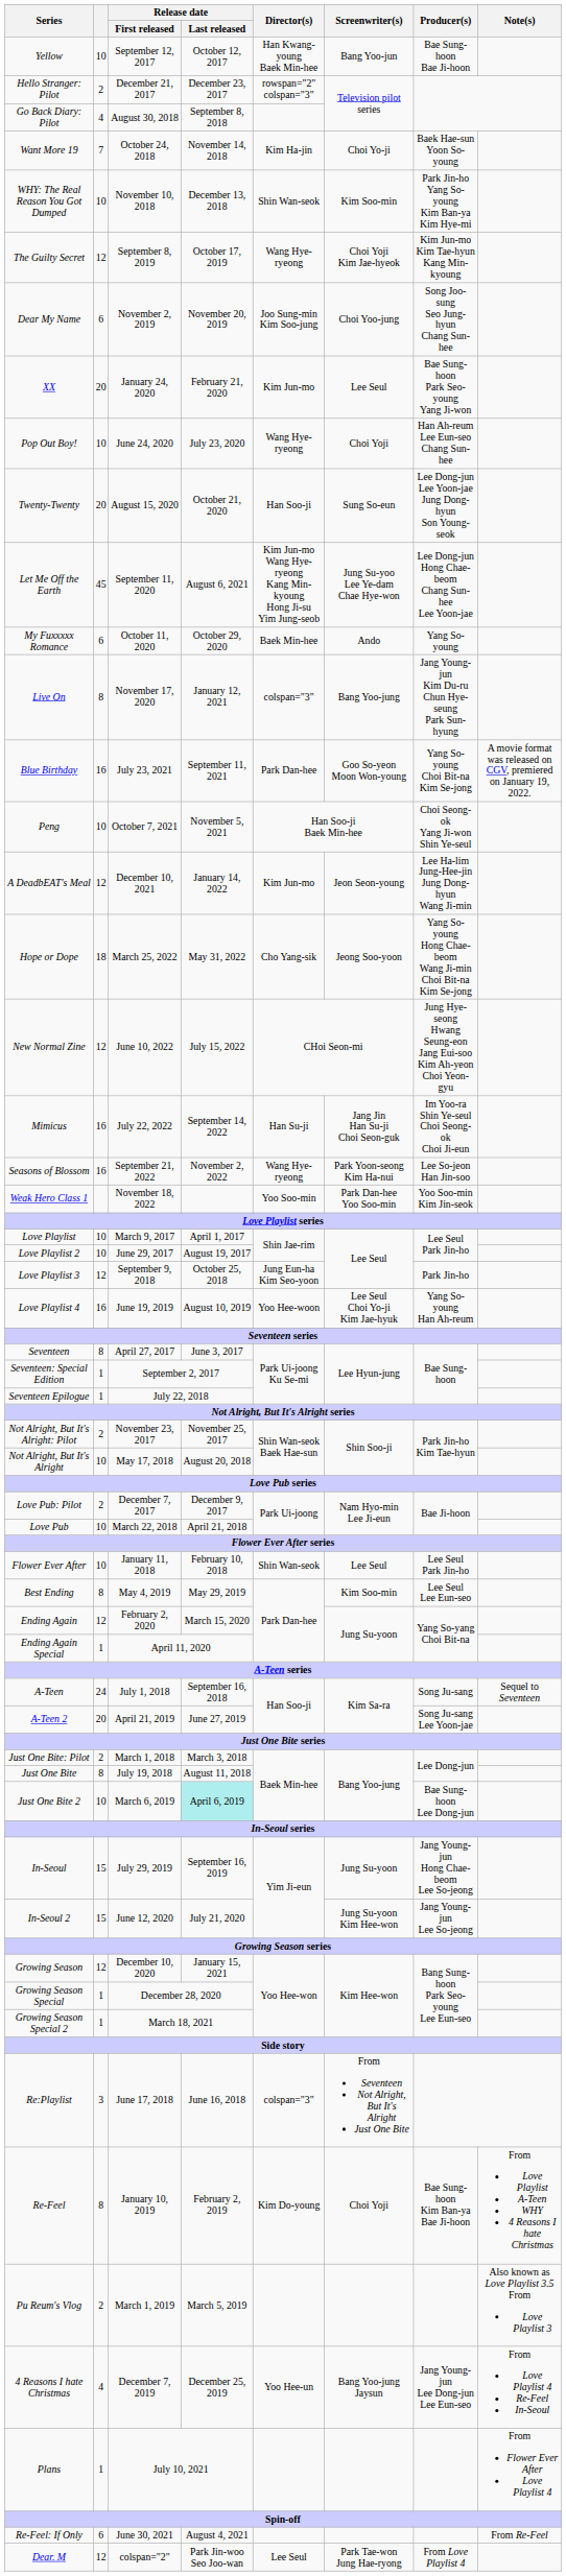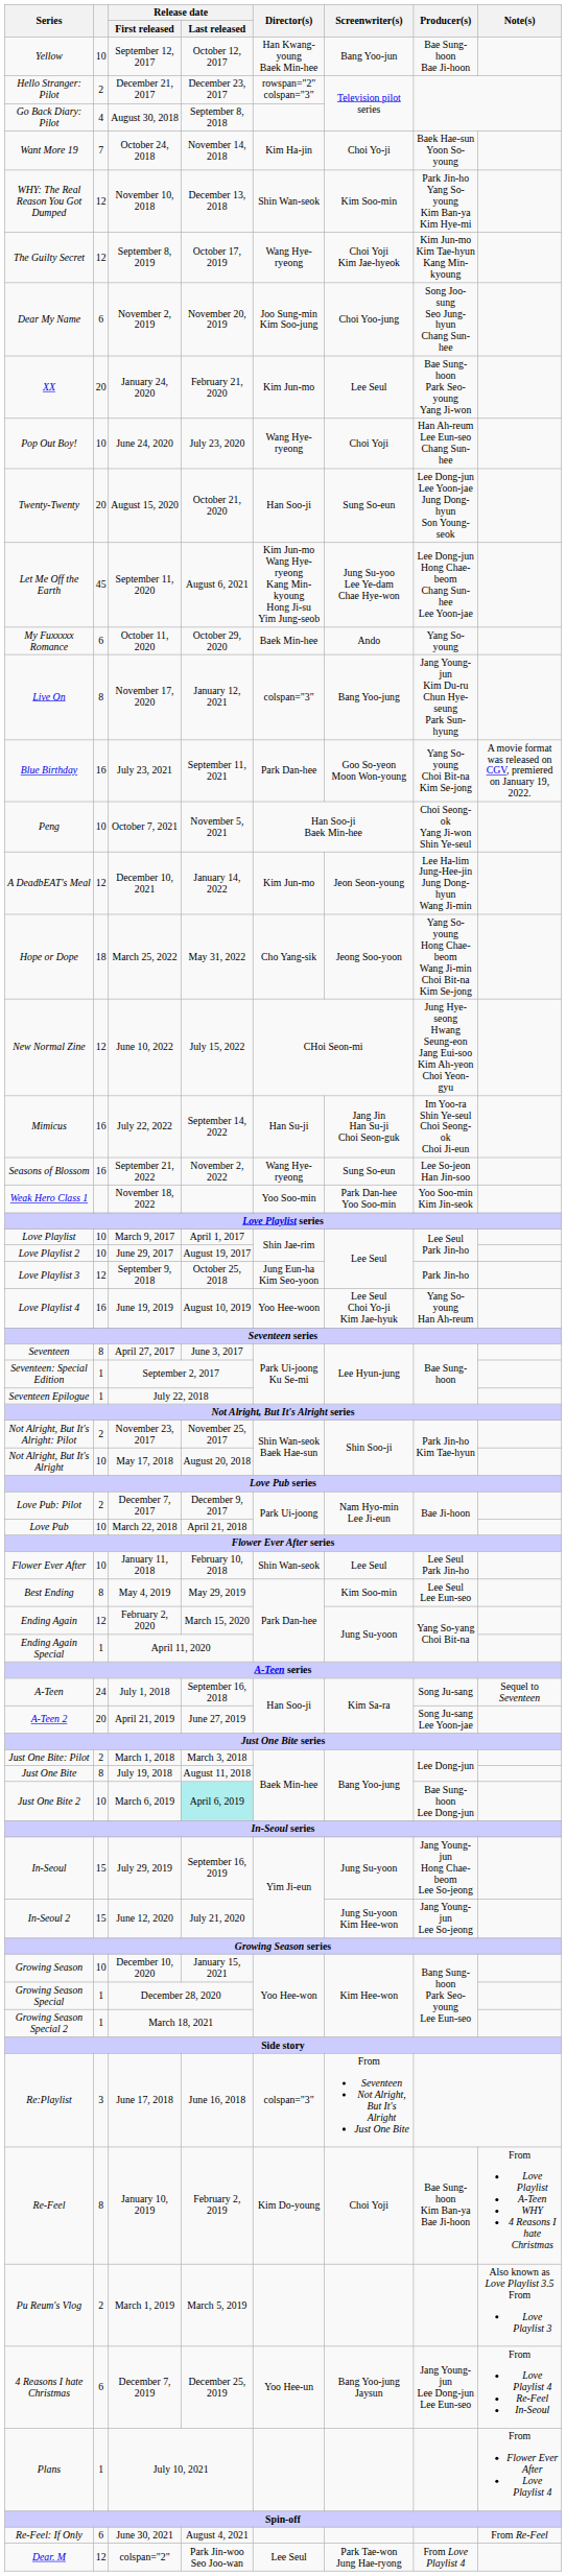 <table class="wikitable" style="text-align: center" width=99%>
 <tr>
 <th scope="col" rowspan="2" style="width:16%;">Series</th>
 <th scope="col" rowspan="2"></th>
 <th colspan="2" style="width:26%;">Release date</th>
 <th scope="col" rowspan="2">Director(s)</th>
 <th scope="col" rowspan="2">Screenwriter(s)</th>
 <th scope="col" rowspan="2">Producer(s)</th>
 <th scope="col" rowspan="2" style="width:15%;">Note(s)</th>
 </tr>
 <tr>
 <th>First released</th>
 <th>Last released</th>
 </tr>
 <tr>
 <td><em>Yellow</em><br></td>
 <td>10</td>
 <td>September 12, 2017</td>
 <td>October 12, 2017</td>
 <td>Han Kwang-young<br>Baek Min-hee</td>
 <td>Bang Yoo-jun</td>
 <td>Bae Sung-hoon<br>Bae Ji-hoon</td>
 <td></td>
 </tr>
 <tr>
 <td><em>Hello Stranger: Pilot</em><br></td>
 <td>2</td>
 <td>December 21, 2017</td>
 <td>December 23, 2017</td>
 <td>rowspan="2" colspan="3" </td>
 <td rowspan="2"><a href='#'>Television pilot</a> series</td>
 </tr>
 <tr>
 <td><em>Go Back Diary: Pilot</em><br></td>
 <td>4</td>
 <td>August 30, 2018</td>
 <td>September 8, 2018</td>
 </tr>
 <tr>
 <td><em>Want More 19</em><br></td>
 <td>7</td>
 <td>October 24, 2018</td>
 <td>November 14, 2018</td>
 <td>Kim Ha-jin</td>
 <td>Choi Yo-ji</td>
 <td>Baek Hae-sun<br>Yoon So-young</td>
 <td></td>
 </tr>
 <tr>
 <td><em>WHY: The Real Reason You Got Dumped</em><br></td>
-<td>10</td>
+<td>12</td>
 <td>November 10, 2018</td>
 <td>December 13, 2018</td>
 <td>Shin Wan-seok</td>
 <td>Kim Soo-min</td>
 <td>Park Jin-ho<br>Yang So-young<br>Kim Ban-ya<br>Kim Hye-mi</td>
 <td></td>
 </tr>
 <tr>
 <td><em>The Guilty Secret</em><br></td>
 <td>12</td>
 <td>September 8, 2019</td>
 <td>October 17, 2019</td>
 <td>Wang Hye-ryeong</td>
 <td>Choi Yoji<br>Kim Jae-hyeok</td>
 <td>Kim Jun-mo<br>Kim Tae-hyun<br>Kang Min-kyoung</td>
 <td></td>
 </tr>
 <tr>
 <td><em>Dear My Name</em><br></td>
 <td>6</td>
 <td>November 2, 2019</td>
 <td>November 20, 2019</td>
 <td>Joo Sung-min<br>Kim Soo-jung</td>
 <td>Choi Yoo-jung</td>
 <td>Song Joo-sung<br>Seo Jung-hyun<br>Chang Sun-hee</td>
 <td></td>
 </tr>
 <tr>
 <td><em><a href='#'>XX</a></em><br></td>
 <td>20</td>
 <td>January 24, 2020</td>
 <td>February 21, 2020</td>
 <td>Kim Jun-mo</td>
 <td>Lee Seul</td>
 <td>Bae Sung-hoon<br>Park Seo-young<br>Yang Ji-won</td>
 <td></td>
 </tr>
 <tr>
 <td><em>Pop Out Boy!</em><br></td>
 <td>10</td>
 <td>June 24, 2020</td>
 <td>July 23, 2020</td>
 <td>Wang Hye-ryeong</td>
 <td>Choi Yoji</td>
 <td>Han Ah-reum<br>Lee Eun-seo<br>Chang Sun-hee</td>
 <td></td>
 </tr>
 <tr>
 <td><em>Twenty-Twenty</em><br></td>
 <td>20</td>
 <td>August 15, 2020</td>
 <td>October 21, 2020</td>
 <td>Han Soo-ji</td>
 <td>Sung So-eun</td>
 <td>Lee Dong-jun<br>Lee Yoon-jae<br>Jung Dong-hyun<br>Son Young-seok</td>
 <td></td>
 </tr>
 <tr>
 <td><em>Let Me Off the Earth</em><br></td>
 <td>45</td>
 <td>September 11, 2020</td>
 <td>August 6, 2021</td>
 <td>Kim Jun-mo<br>Wang Hye-ryeong<br>Kang Min-kyoung<br>Hong Ji-su<br>Yim Jung-seob</td>
 <td>Jung Su-yoo<br>Lee Ye-dam<br>Chae Hye-won</td>
 <td>Lee Dong-jun<br>Hong Chae-beom<br>Chang Sun-hee<br>Lee Yoon-jae</td>
 <td></td>
 </tr>
 <tr>
 <td><em>My Fuxxxxx Romance</em><br></td>
 <td>6</td>
 <td>October 11, 2020</td>
 <td>October 29, 2020</td>
 <td>Baek Min-hee</td>
 <td>Ando</td>
 <td>Yang So-young</td>
 <td></td>
 </tr>
 <tr>
 <td><em><a href='#'>Live On</a></em><br></td>
 <td>8</td>
 <td>November 17, 2020</td>
 <td>January 12, 2021</td>
 <td>colspan="3" </td>
 <td>Bang Yoo-jung</td>
 <td>Jang Young-jun<br>Kim Du-ru<br>Chun Hye-seung<br>Park Sun-hyung</td>
 <td></td>
 </tr>
 <tr>
 <td><em><a href='#'>Blue Birthday</a></em><br></td>
 <td>16</td>
 <td>July 23, 2021</td>
 <td>September 11, 2021</td>
 <td>Park Dan-hee</td>
 <td>Goo So-yeon<br>Moon Won-young</td>
 <td>Yang So-young<br>Choi Bit-na<br>Kim Se-jong</td>
 <td>A movie format was released on <a href='#'>CGV</a>, premiered on January 19, 2022.</td>
 </tr>
 <tr>
 <td><em>Peng</em><br></td>
 <td>10</td>
 <td>October 7, 2021</td>
 <td>November 5, 2021</td>
 <td colspan="2">Han Soo-ji<br>Baek Min-hee</td>
 <td>Choi Seong-ok<br>Yang Ji-won<br>Shin Ye-seul</td>
 <td></td>
 </tr>
 <tr>
 <td><em>A DeadbEAT's Meal</em><br></td>
 <td>12</td>
 <td>December 10, 2021</td>
 <td>January 14, 2022</td>
 <td>Kim Jun-mo</td>
 <td>Jeon Seon-young</td>
 <td>Lee Ha-lim<br>Jung-Hee-jin<br>Jung Dong-hyun<br>Wang Ji-min</td>
 <td></td>
 </tr>
 <tr>
 <td><em>Hope or Dope</em><br></td>
 <td>18</td>
 <td>March 25, 2022</td>
 <td>May 31, 2022</td>
 <td>Cho Yang-sik</td>
 <td>Jeong Soo-yoon</td>
 <td>Yang So-young<br>Hong Chae-beom<br>Wang Ji-min<br>Choi Bit-na<br>Kim Se-jong</td>
 <td></td>
 </tr>
 <tr>
 <td><em>New Normal Zine</em><br></td>
 <td>12</td>
 <td>June 10, 2022</td>
 <td>July 15, 2022</td>
 <td colspan="2">CHoi Seon-mi</td>
 <td>Jung Hye-seong<br>Hwang Seung-eon<br>Jang Eui-soo<br>Kim Ah-yeon<br>Choi Yeon-gyu</td>
 <td></td>
 </tr>
 <tr>
 <td><em>Mimicus</em><br></td>
 <td>16</td>
 <td>July 22, 2022</td>
 <td>September 14, 2022</td>
 <td>Han Su-ji</td>
 <td>Jang Jin<br>Han Su-ji<br>Choi Seon-guk</td>
 <td>Im Yoo-ra<br>Shin Ye-seul<br>Choi Seong-ok<br>Choi Ji-eun</td>
 <td></td>
 </tr>
 <tr>
 <td><em>Seasons of Blossom</em><br></td>
 <td>16</td>
 <td>September 21, 2022</td>
 <td>November 2, 2022</td>
 <td>Wang Hye-ryeong</td>
-<td>Park Yoon-seong<br>Kim Ha-nui</td>
+<td>Sung So-eun</td>
 <td>Lee So-jeon<br>Han Jin-soo</td>
 <td></td>
 </tr>
 <tr>
 <td><em><a href='#'>Weak Hero Class 1</a></em><br></td>
 <td></td>
 <td>November 18, 2022</td>
 <td></td>
 <td>Yoo Soo-min</td>
 <td>Park Dan-hee<br>Yoo Soo-min</td>
 <td>Yoo Soo-min<br>Kim Jin-seok</td>
 <td></td>
 </tr>
 <tr>
 <th colspan="8" style="background-color:#ccccff;"><em><a href='#'>Love Playlist</a></em> series</th>
 </tr>
 <tr>
 <td><em>Love Playlist</em><br></td>
 <td>10</td>
 <td>March 9, 2017</td>
 <td>April 1, 2017</td>
 <td rowspan="2">Shin Jae-rim</td>
 <td rowspan="3">Lee Seul</td>
 <td rowspan="2">Lee Seul<br>Park Jin-ho</td>
 <td></td>
 </tr>
 <tr>
 <td><em>Love Playlist 2</em><br></td>
 <td>10</td>
 <td>June 29, 2017</td>
 <td>August 19, 2017</td>
 <td></td>
 </tr>
 <tr>
 <td><em>Love Playlist 3</em><br></td>
 <td>12</td>
 <td>September 9, 2018</td>
 <td>October 25, 2018</td>
 <td>Jung Eun-ha<br>Kim Seo-yoon</td>
 <td>Park Jin-ho</td>
 <td></td>
 </tr>
 <tr>
 <td><em>Love Playlist 4</em><br></td>
 <td>16</td>
 <td>June 19, 2019</td>
 <td>August 10, 2019</td>
 <td>Yoo Hee-woon</td>
 <td>Lee Seul<br>Choi Yo-ji<br>Kim Jae-hyuk</td>
 <td>Yang So-young<br>Han Ah-reum</td>
 <td></td>
 </tr>
 <tr>
 <th colspan="8" style="background-color:#ccccff;"><em>Seventeen</em> series</th>
 </tr>
 <tr>
 <td><em>Seventeen</em><br></td>
 <td>8</td>
 <td>April 27, 2017</td>
 <td>June 3, 2017</td>
 <td rowspan="3">Park Ui-joong<br>Ku Se-mi</td>
 <td rowspan="3">Lee Hyun-jung</td>
 <td rowspan="3">Bae Sung-hoon</td>
 <td></td>
 </tr>
 <tr>
 <td><em>Seventeen: Special Edition</em><br></td>
 <td>1</td>
 <td colspan="2">September 2, 2017</td>
 <td></td>
 </tr>
 <tr>
 <td><em>Seventeen Epilogue</em><br></td>
 <td>1</td>
 <td colspan="2">July 22, 2018</td>
 <td></td>
 </tr>
 <tr>
 <th colspan="8" style="background-color:#ccccff;"><em>Not Alright, But It's Alright</em> series</th>
 </tr>
 <tr>
 <td><em>Not Alright, But It's Alright: Pilot</em><br></td>
 <td>2</td>
 <td>November 23, 2017</td>
 <td>November 25, 2017</td>
 <td rowspan="2">Shin Wan-seok<br>Baek Hae-sun</td>
 <td rowspan="2">Shin Soo-ji</td>
 <td rowspan="2">Park Jin-ho<br>Kim Tae-hyun</td>
 <td></td>
 </tr>
 <tr>
 <td><em>Not Alright, But It's Alright</em><br></td>
 <td>10</td>
 <td>May 17, 2018</td>
 <td>August 20, 2018</td>
 <td></td>
 </tr>
 <tr>
 <th colspan="8" style="background-color:#ccccff;"><em>Love Pub</em> series</th>
 </tr>
 <tr>
 <td><em>Love Pub: Pilot</em><br></td>
 <td>2</td>
 <td>December 7, 2017</td>
 <td>December 9, 2017</td>
 <td rowspan="2">Park Ui-joong</td>
 <td rowspan="2">Nam Hyo-min<br> Lee Ji-eun</td>
 <td rowspan="2">Bae Ji-hoon</td>
 <td></td>
 </tr>
 <tr>
 <td><em>Love Pub</em><br></td>
 <td>10</td>
 <td>March 22, 2018</td>
 <td>April 21, 2018</td>
 <td></td>
 </tr>
 <tr>
 <th colspan="8" style="background-color:#ccccff;"><em>Flower Ever After</em> series</th>
 </tr>
 <tr>
 <td><em>Flower Ever After</em><br></td>
 <td>10</td>
 <td>January 11, 2018</td>
 <td>February 10, 2018</td>
 <td>Shin Wan-seok</td>
 <td>Lee Seul</td>
 <td>Lee Seul<br>Park Jin-ho</td>
 <td></td>
 </tr>
 <tr>
 <td><em>Best Ending</em><br></td>
 <td>8</td>
 <td>May 4, 2019</td>
 <td>May 29, 2019</td>
 <td rowspan="3">Park Dan-hee</td>
 <td>Kim Soo-min</td>
 <td>Lee Seul<br>Lee Eun-seo</td>
 <td></td>
 </tr>
 <tr>
 <td><em>Ending Again</em><br></td>
 <td>12</td>
 <td>February 2, 2020</td>
 <td>March 15, 2020</td>
 <td rowspan="2">Jung Su-yoon</td>
 <td rowspan="2">Yang So-yang<br>Choi Bit-na</td>
 <td></td>
 </tr>
 <tr>
 <td><em>Ending Again Special</em><br></td>
 <td>1</td>
 <td colspan="2">April 11, 2020</td>
 <td></td>
 </tr>
 <tr>
 <th colspan="8" style="background-color:#ccccff;"><em><a href='#'>A-Teen</a></em> series</th>
 </tr>
 <tr>
 <td><em>A-Teen</em><br></td>
 <td>24</td>
 <td>July 1, 2018</td>
 <td>September 16, 2018</td>
 <td rowspan="2">Han Soo-ji</td>
 <td rowspan="2">Kim Sa-ra</td>
 <td>Song Ju-sang</td>
 <td>Sequel to <em>Seventeen</em></td>
 </tr>
 <tr>
 <td><em><a href='#'>A-Teen 2</a></em><br></td>
 <td>20</td>
 <td>April 21, 2019</td>
 <td>June 27, 2019</td>
 <td>Song Ju-sang<br>Lee Yoon-jae</td>
 <td></td>
 </tr>
 <tr>
 <th colspan="8" style="background-color:#ccccff;"><em>Just One Bite</em> series</th>
 </tr>
 <tr>
 <td><em>Just One Bite: Pilot</em><br></td>
 <td>2</td>
 <td>March 1, 2018</td>
 <td>March 3, 2018</td>
 <td rowspan="3">Baek Min-hee</td>
 <td rowspan="3">Bang Yoo-jung</td>
 <td rowspan="2">Lee Dong-jun</td>
 <td></td>
 </tr>
 <tr>
 <td><em>Just One Bite</em><br></td>
 <td>8</td>
 <td>July 19, 2018</td>
 <td>August 11, 2018</td>
 <td></td>
 </tr>
 <tr>
 <td><em>Just One Bite 2</em><br></td>
 <td>10</td>
 <td>March 6, 2019</td>
 <td style="background: paleturquoise;">April 6, 2019</td>
 <td>Bae Sung-hoon<br>Lee Dong-jun</td>
 <td></td>
 </tr>
 <tr>
 <th colspan="8" style="background-color:#ccccff;"><em>In-Seoul</em> series</th>
 </tr>
 <tr>
 <td><em>In-Seoul</em><br></td>
 <td>15</td>
 <td>July 29, 2019</td>
 <td>September 16, 2019</td>
 <td rowspan="2">Yim Ji-eun</td>
 <td>Jung Su-yoon</td>
 <td>Jang Young-jun<br>Hong Chae-beom<br>Lee So-jeong</td>
 <td></td>
 </tr>
 <tr>
 <td><em>In-Seoul 2</em><br></td>
 <td>15</td>
 <td>June 12, 2020</td>
 <td>July 21, 2020</td>
 <td>Jung Su-yoon<br>Kim Hee-won</td>
 <td>Jang Young-jun<br>Lee So-jeong</td>
 <td></td>
 </tr>
 <tr>
 <th colspan="8" style="background-color:#ccccff;"><em>Growing Season</em> series</th>
 </tr>
 <tr>
 <td><em>Growing Season</em><br></td>
-<td>12</td>
+<td>10</td>
 <td>December 10, 2020</td>
 <td>January 15, 2021</td>
 <td rowspan="3">Yoo Hee-won</td>
 <td rowspan="3">Kim Hee-won</td>
 <td rowspan="3">Bang Sung-hoon<br>Park Seo-young<br>Lee Eun-seo</td>
 <td></td>
 </tr>
 <tr>
 <td><em>Growing Season Special</em><br></td>
 <td>1</td>
 <td colspan="2">December 28, 2020</td>
 <td></td>
 </tr>
 <tr>
 <td><em>Growing Season Special 2</em><br></td>
 <td>1</td>
 <td colspan="2">March 18, 2021</td>
 <td></td>
 </tr>
 <tr>
 <th colspan="8" style="background-color:#ccccff;">Side story</th>
 </tr>
 <tr>
 <td><em>Re:Playlist</em><br></td>
 <td>3</td>
 <td>June 17, 2018</td>
 <td>June 16, 2018</td>
 <td>colspan="3" </td>
 <td>From<br><ul><li><em>Seventeen</em></li><li><em>Not Alright, But It's Alright </em></li><li><em>Just One Bite</em></li></ul></td>
 </tr>
 <tr>
 <td><em>Re-Feel</em><br></td>
 <td>8</td>
 <td>January 10, 2019</td>
 <td>February 2, 2019</td>
 <td>Kim Do-young</td>
 <td>Choi Yoji</td>
 <td>Bae Sung-hoon<br>Kim Ban-ya<br>Bae Ji-hoon</td>
 <td>From<br><ul><li><em>Love Playlist</em></li><li><em>A-Teen</em></li><li><em>WHY</em></li><li><em>4 Reasons I hate Christmas</em></li></ul></td>
 </tr>
 <tr>
 <td><em>Pu Reum's Vlog</em><br></td>
 <td>2</td>
 <td>March 1, 2019</td>
 <td>March 5, 2019</td>
 <td></td>
 <td></td>
 <td></td>
 <td>Also known as <em>Love Playlist 3.5</em><br>From<br><ul><li><em>Love Playlist 3</em></li></ul></td>
 </tr>
 <tr>
 <td><em>4 Reasons I hate Christmas</em><br></td>
-<td>4</td>
+<td>6</td>
 <td>December 7, 2019</td>
 <td>December 25, 2019</td>
 <td>Yoo Hee-un</td>
 <td>Bang Yoo-jung<br>Jaysun</td>
 <td>Jang Young-jun<br>Lee Dong-jun<br>Lee Eun-seo</td>
 <td>From<br><ul><li><em>Love Playlist 4</em></li><li><em>Re-Feel</em></li><li><em>In-Seoul</em></li></ul></td>
 </tr>
 <tr>
 <td><em>Plans</em><br></td>
 <td>1</td>
 <td colspan="2">July 10, 2021</td>
 <td></td>
 <td></td>
 <td></td>
 <td>From<br><ul><li><em>Flower Ever After</em></li><li><em>Love Playlist 4</em></li></ul></td>
 </tr>
 <tr>
 <th colspan="8" style="background-color:#ccccff;">Spin-off</th>
 </tr>
 <tr>
 <td><em>Re-Feel: If Only</em><br></td>
 <td>6</td>
 <td>June 30, 2021</td>
 <td>August 4, 2021</td>
 <td></td>
 <td></td>
 <td></td>
 <td>From <em>Re-Feel</em></td>
 </tr>
 <tr>
 <td><em><a href='#'>Dear. M</a></em><br></td>
 <td>12</td>
 <td>colspan="2" </td>
 <td>Park Jin-woo<br>Seo Joo-wan</td>
 <td>Lee Seul</td>
 <td>Park Tae-won<br>Jung Hae-ryong</td>
 <td>From <em>Love Playlist 4</em></td>
 </tr>
 </table>
